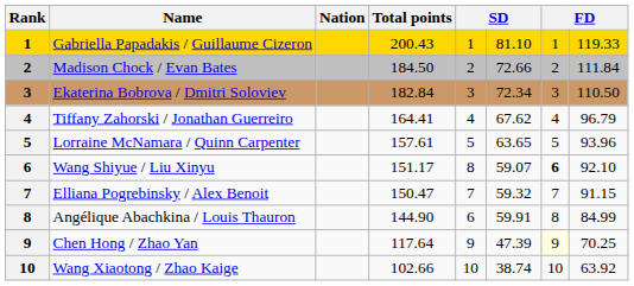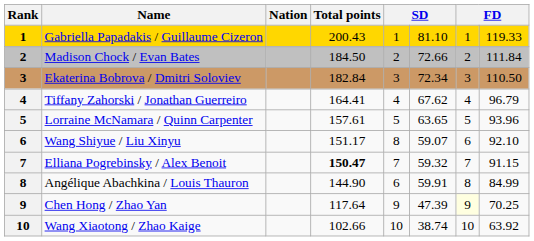 <table class="wikitable sortable">
 <tr>
 <th>Rank</th>
 <th>Name</th>
 <th>Nation</th>
 <th>Total points</th>
 <th colspan="2" width="80px"><a href='#'>SD</a></th>
 <th colspan="2" width="80px"><a href='#'>FD</a></th>
 </tr>
 <tr bgcolor="gold">
 <td align="center"><strong>1</strong></td>
 <td><a href='#'>Gabriella Papadakis</a> / <a href='#'>Guillaume Cizeron</a></td>
 <td></td>
 <td align="center">200.43</td>
 <td align="center">1</td>
 <td align="center">81.10</td>
 <td align="center">1</td>
 <td align="center">119.33</td>
 </tr>
 <tr bgcolor="silver">
 <td align="center"><strong>2</strong></td>
 <td><a href='#'>Madison Chock</a> / <a href='#'>Evan Bates</a></td>
 <td></td>
 <td align="center">184.50</td>
 <td align="center">2</td>
 <td align="center">72.66</td>
 <td align="center">2</td>
 <td align="center">111.84</td>
 </tr>
 <tr bgcolor="cc9966">
 <td align="center"><strong>3</strong></td>
 <td><a href='#'>Ekaterina Bobrova</a> / <a href='#'>Dmitri Soloviev</a></td>
 <td></td>
 <td align="center">182.84</td>
 <td align="center">3</td>
 <td align="center">72.34</td>
 <td align="center">3</td>
 <td align="center">110.50</td>
 </tr>
 <tr>
 <th>4</th>
 <td><a href='#'>Tiffany Zahorski</a> / <a href='#'>Jonathan Guerreiro</a></td>
 <td></td>
 <td align="center">164.41</td>
 <td align="center">4</td>
 <td align="center">67.62</td>
 <td align="center">4</td>
 <td align="center">96.79</td>
 </tr>
 <tr>
 <th>5</th>
 <td><a href='#'>Lorraine McNamara</a> / <a href='#'>Quinn Carpenter</a></td>
 <td></td>
 <td align="center">157.61</td>
 <td align="center">5</td>
 <td align="center">63.65</td>
 <td align="center">5</td>
 <td align="center">93.96</td>
 </tr>
 <tr>
 <th>6</th>
 <td><a href='#'>Wang Shiyue</a> / <a href='#'>Liu Xinyu</a></td>
 <td></td>
 <td align="center">151.17</td>
 <td align="center">8</td>
 <td align="center">59.07</td>
-<td align="center"><strong>6</strong></td>
+<td align="center">6</td>
 <td align="center">92.10</td>
 </tr>
 <tr>
 <th>7</th>
 <td><a href='#'>Elliana Pogrebinsky</a> / <a href='#'>Alex Benoit</a></td>
 <td></td>
-<td align="center">150.47</td>
+<td align="center"><strong>150.47</strong></td>
 <td align="center">7</td>
 <td align="center">59.32</td>
 <td align="center">7</td>
 <td align="center">91.15</td>
 </tr>
 <tr>
 <th>8</th>
 <td>Angélique Abachkina / <a href='#'>Louis Thauron</a></td>
 <td></td>
 <td align="center">144.90</td>
 <td align="center">6</td>
 <td align="center">59.91</td>
 <td align="center">8</td>
 <td align="center">84.99</td>
 </tr>
 <tr>
 <th>9</th>
 <td><a href='#'>Chen Hong</a> / <a href='#'>Zhao Yan</a></td>
 <td></td>
 <td align="center">117.64</td>
 <td align="center">9</td>
 <td align="center">47.39</td>
 <td align="center" style="background: lightyellow;">9</td>
 <td align="center">70.25</td>
 </tr>
 <tr>
 <th>10</th>
 <td><a href='#'>Wang Xiaotong</a> / <a href='#'>Zhao Kaige</a></td>
 <td></td>
 <td align="center">102.66</td>
 <td align="center">10</td>
 <td align="center">38.74</td>
 <td align="center">10</td>
 <td align="center">63.92</td>
 </tr>
 </table>
